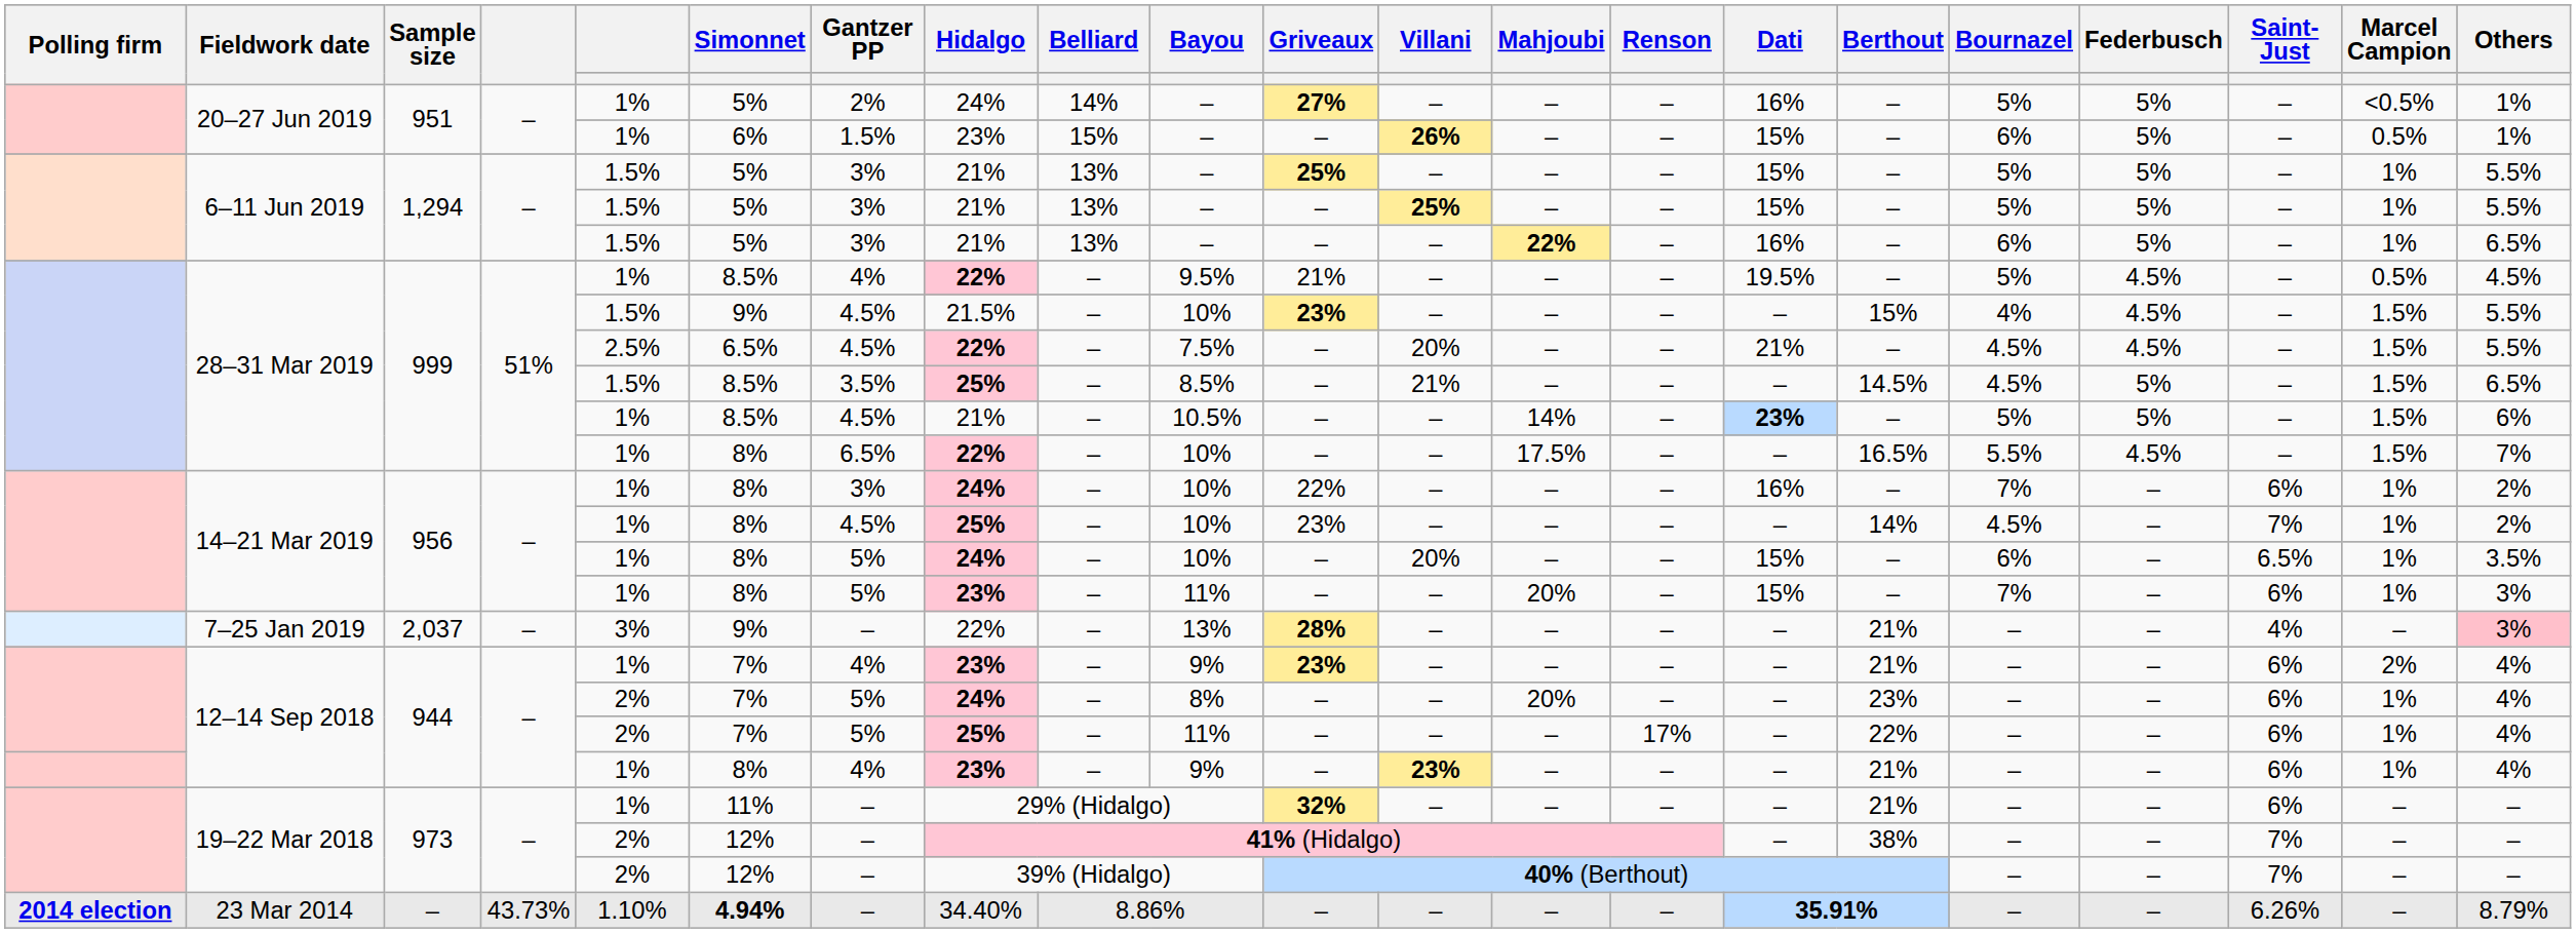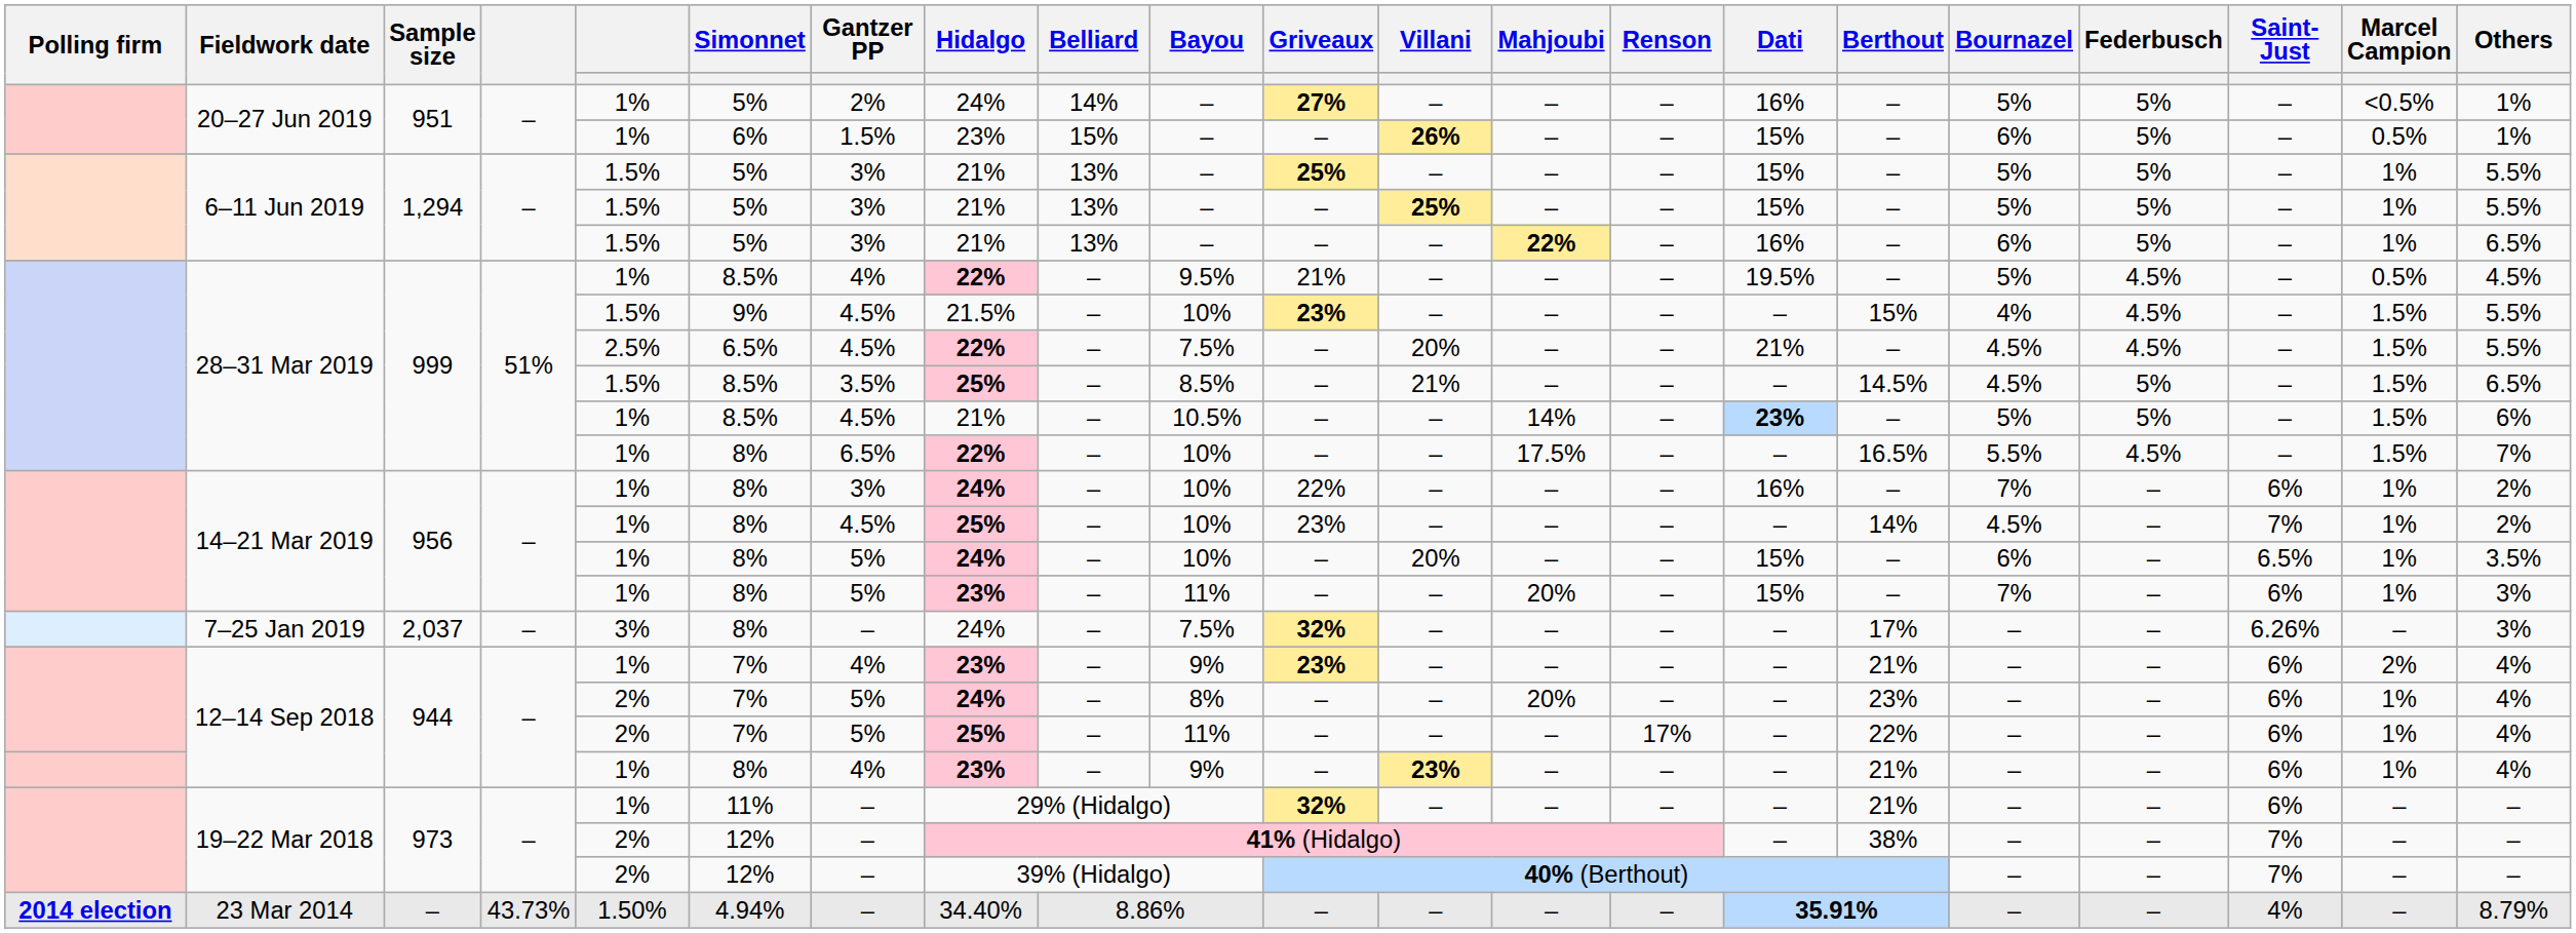 <table class="wikitable sortable" style="text-align:center;font-size:90%;line-height:14px;">
 <tr style="height:40px;">
 <th style="width:100px;" rowspan="2">Polling firm</th>
 <th style="width:110px;" rowspan="2">Fieldwork date</th>
 <th style="width:35px;" rowspan="2">Sample<br>size</th>
 <th style="width:30px;" rowspan="2"></th>
 <th class="unsortable" style="width:60px;"></th>
 <th class="unsortable" style="width:60px;"><a href='#'>Simonnet</a><br></th>
 <th class="unsortable" style="width:60px;">Gantzer<br>PP</th>
 <th class="unsortable" style="width:60px;"><a href='#'>Hidalgo</a><br></th>
 <th class="unsortable" style="width:60px;"><a href='#'>Belliard</a><br></th>
 <th class="unsortable" style="width:60px;"><a href='#'>Bayou</a><br></th>
 <th class="unsortable" style="width:60px;"><a href='#'>Griveaux</a><br></th>
 <th class="unsortable" style="width:60px;"><a href='#'>Villani</a><br></th>
 <th class="unsortable" style="width:60px;"><a href='#'>Mahjoubi</a><br></th>
 <th class="unsortable" style="width:60px;"><a href='#'>Renson</a><br></th>
 <th class="unsortable" style="width:60px;"><a href='#'>Dati</a><br></th>
 <th class="unsortable" style="width:60px;"><a href='#'>Berthout</a><br></th>
 <th class="unsortable" style="width:60px;"><a href='#'>Bournazel</a><br></th>
 <th class="unsortable" style="width:60px;">Federbusch<br></th>
 <th class="unsortable" style="width:60px;"><a href='#'>Saint-Just</a><br></th>
 <th class="unsortable" style="width:60px;">Marcel Campion<br></th>
 <th class="unsortable" style="width:60px;">Others</th>
 </tr>
 <tr>
 <th style="background:"></th>
 <th style="background:"></th>
 <th style="background:"></th>
 <th style="background:"></th>
 <th style="background:"></th>
 <th style="background:"></th>
 <th style="background:"></th>
 <th style="background:"></th>
 <th style="background:"></th>
 <th style="background:"></th>
 <th style="background:"></th>
 <th style="background:"></th>
 <th style="background:"></th>
 <th style="background:"></th>
 <th style="background:"></th>
 <th style="background:"></th>
 <th style="background:"></th>
 </tr>
 <tr>
 <td rowspan="2" style="background:#FFCCCC;"></td>
 <td rowspan="2" data-sort-value="2019-06-27">20–27 Jun 2019</td>
 <td rowspan="2">951</td>
 <td rowspan="2">–</td>
 <td>1%</td>
 <td>5%</td>
 <td>2%</td>
 <td>24%</td>
 <td>14%</td>
 <td>–</td>
 <td style="background:#FFED99;"><strong>27%</strong></td>
 <td>–</td>
 <td>–</td>
 <td>–</td>
 <td>16%</td>
 <td>–</td>
 <td>5%</td>
 <td>5%</td>
 <td>–</td>
 <td data-sort-value="0%"><0.5%</td>
 <td>1%</td>
 </tr>
 <tr>
 <td>1%</td>
 <td>6%</td>
 <td>1.5%</td>
 <td>23%</td>
 <td>15%</td>
 <td>–</td>
 <td>–</td>
 <td style="background:#FFED99;"><strong>26%</strong></td>
 <td>–</td>
 <td>–</td>
 <td>15%</td>
 <td>–</td>
 <td>6%</td>
 <td>5%</td>
 <td>–</td>
 <td>0.5%</td>
 <td>1%</td>
 </tr>
 <tr>
 <td rowspan="3" style="background:#FFDFCC;"> </td>
 <td rowspan="3" data-sort-value="2019-06-11">6–11 Jun 2019</td>
 <td rowspan="3">1,294</td>
 <td rowspan="3">–</td>
 <td>1.5%</td>
 <td>5%</td>
 <td>3%</td>
 <td>21%</td>
 <td>13%</td>
 <td>–</td>
 <td style="background:#FFED99;"><strong>25%</strong></td>
 <td>–</td>
 <td>–</td>
 <td>–</td>
 <td>15%</td>
 <td>–</td>
 <td>5%</td>
 <td>5%</td>
 <td>–</td>
 <td>1%</td>
 <td>5.5%</td>
 </tr>
 <tr>
 <td>1.5%</td>
 <td>5%</td>
 <td>3%</td>
 <td>21%</td>
 <td>13%</td>
 <td>–</td>
 <td>–</td>
 <td style="background:#FFED99;"><strong>25%</strong></td>
 <td>–</td>
 <td>–</td>
 <td>15%</td>
 <td>–</td>
 <td>5%</td>
 <td>5%</td>
 <td>–</td>
 <td>1%</td>
 <td>5.5%</td>
 </tr>
 <tr>
 <td>1.5%</td>
 <td>5%</td>
 <td>3%</td>
 <td>21%</td>
 <td>13%</td>
 <td>–</td>
 <td>–</td>
 <td>–</td>
 <td style="background:#FFED99;"><strong>22%</strong></td>
 <td>–</td>
 <td>16%</td>
 <td>–</td>
 <td>6%</td>
 <td>5%</td>
 <td>–</td>
 <td>1%</td>
 <td>6.5%</td>
 </tr>
 <tr>
 <td rowspan="6" style="background:#CAD5F7;"></td>
 <td rowspan="6" data-sort-value="2019-03-31">28–31 Mar 2019</td>
 <td rowspan="6">999</td>
 <td rowspan="6">51%</td>
 <td>1%</td>
 <td>8.5%</td>
 <td>4%</td>
 <td style="background:#FFC6D5;"><strong>22%</strong></td>
 <td>–</td>
 <td>9.5%</td>
 <td>21%</td>
 <td>–</td>
 <td>–</td>
 <td>–</td>
 <td>19.5%</td>
 <td>–</td>
 <td>5%</td>
 <td>4.5%</td>
 <td>–</td>
 <td>0.5%</td>
 <td>4.5%</td>
 </tr>
 <tr>
 <td>1.5%</td>
 <td>9%</td>
 <td>4.5%</td>
 <td>21.5%</td>
 <td>–</td>
 <td>10%</td>
 <td style="background:#FFED99;"><strong>23%</strong></td>
 <td>–</td>
 <td>–</td>
 <td>–</td>
 <td>–</td>
 <td>15%</td>
 <td>4%</td>
 <td>4.5%</td>
 <td>–</td>
 <td>1.5%</td>
 <td>5.5%</td>
 </tr>
 <tr>
 <td>2.5%</td>
 <td>6.5%</td>
 <td>4.5%</td>
 <td style="background:#FFC6D5;"><strong>22%</strong></td>
 <td>–</td>
 <td>7.5%</td>
 <td>–</td>
 <td>20%</td>
 <td>–</td>
 <td>–</td>
 <td>21%</td>
 <td>–</td>
 <td>4.5%</td>
 <td>4.5%</td>
 <td>–</td>
 <td>1.5%</td>
 <td>5.5%</td>
 </tr>
 <tr>
 <td>1.5%</td>
 <td>8.5%</td>
 <td>3.5%</td>
 <td style="background:#FFC6D5;"><strong>25%</strong></td>
 <td>–</td>
 <td>8.5%</td>
 <td>–</td>
 <td>21%</td>
 <td>–</td>
 <td>–</td>
 <td>–</td>
 <td>14.5%</td>
 <td>4.5%</td>
 <td>5%</td>
 <td>–</td>
 <td>1.5%</td>
 <td>6.5%</td>
 </tr>
 <tr>
 <td>1%</td>
 <td>8.5%</td>
 <td>4.5%</td>
 <td>21%</td>
 <td>–</td>
 <td>10.5%</td>
 <td>–</td>
 <td>–</td>
 <td>14%</td>
 <td>–</td>
 <td style="background:#B9DAFF;"><strong>23%</strong></td>
 <td>–</td>
 <td>5%</td>
 <td>5%</td>
 <td>–</td>
 <td>1.5%</td>
 <td>6%</td>
 </tr>
 <tr>
 <td>1%</td>
 <td>8%</td>
 <td>6.5%</td>
 <td style="background:#FFC6D5;"><strong>22%</strong></td>
 <td>–</td>
 <td>10%</td>
 <td>–</td>
 <td>–</td>
 <td>17.5%</td>
 <td>–</td>
 <td>–</td>
 <td>16.5%</td>
 <td>5.5%</td>
 <td>4.5%</td>
 <td>–</td>
 <td>1.5%</td>
 <td>7%</td>
 </tr>
 <tr>
 <td rowspan="4" style="background:#FFCCCC;"></td>
 <td rowspan="4" data-sort-value="2019-03-21">14–21 Mar 2019</td>
 <td rowspan="4">956</td>
 <td rowspan="4">–</td>
 <td>1%</td>
 <td>8%</td>
 <td>3%</td>
 <td style="background:#FFC6D5;"><strong>24%</strong></td>
 <td>–</td>
 <td>10%</td>
 <td>22%</td>
 <td>–</td>
 <td>–</td>
 <td>–</td>
 <td>16%</td>
 <td>–</td>
 <td>7%</td>
 <td>–</td>
 <td>6%</td>
 <td>1%</td>
 <td>2%</td>
 </tr>
 <tr>
 <td>1%</td>
 <td>8%</td>
 <td>4.5%</td>
 <td style="background:#FFC6D5;"><strong>25%</strong></td>
 <td>–</td>
 <td>10%</td>
 <td>23%</td>
 <td>–</td>
 <td>–</td>
 <td>–</td>
 <td>–</td>
 <td>14%</td>
 <td>4.5%</td>
 <td>–</td>
 <td>7%</td>
 <td>1%</td>
 <td>2%</td>
 </tr>
 <tr>
 <td>1%</td>
 <td>8%</td>
 <td>5%</td>
 <td style="background:#FFC6D5;"><strong>24%</strong></td>
 <td>–</td>
 <td>10%</td>
 <td>–</td>
 <td>20%</td>
 <td>–</td>
 <td>–</td>
 <td>15%</td>
 <td>–</td>
 <td>6%</td>
 <td>–</td>
 <td>6.5%</td>
 <td>1%</td>
 <td>3.5%</td>
 </tr>
 <tr>
 <td>1%</td>
 <td>8%</td>
 <td>5%</td>
 <td style="background:#FFC6D5;"><strong>23%</strong></td>
 <td>–</td>
 <td>11%</td>
 <td>–</td>
 <td>–</td>
 <td>20%</td>
 <td>–</td>
 <td>15%</td>
 <td>–</td>
 <td>7%</td>
 <td>–</td>
 <td>6%</td>
 <td>1%</td>
 <td>3%</td>
 </tr>
 <tr>
 <td style="background:#DDEEFF;"></td>
 <td data-sort-value="2019-01-25">7–25 Jan 2019</td>
 <td>2,037</td>
 <td>–</td>
 <td>3%</td>
-<td>9%</td>
+<td>8%</td>
 <td>–</td>
-<td>22%</td>
+<td>24%</td>
 <td>–</td>
-<td>13%</td>
-<td style="background:#FFED99;"><strong>28%</strong></td>
+<td>7.5%</td>
+<td style="background:#FFED99;"><strong>32%</strong></td>
 <td>–</td>
 <td>–</td>
 <td>–</td>
 <td>–</td>
-<td>21%</td>
+<td>17%</td>
 <td>–</td>
 <td>–</td>
-<td>4%</td>
+<td>6.26%</td>
 <td>–</td>
-<td style="background: pink;">3%</td>
+<td>3%</td>
 </tr>
 <tr>
 <td rowspan="3" style="background:#FFCCCC;"></td>
 <td rowspan="4" data-sort-value="2018-09-14">12–14 Sep 2018</td>
 <td rowspan="4">944</td>
 <td rowspan="4">–</td>
 <td>1%</td>
 <td>7%</td>
 <td>4%</td>
 <td style="background:#FFC6D5;"><strong>23%</strong></td>
 <td>–</td>
 <td>9%</td>
 <td style="background:#FFED99;"><strong>23%</strong></td>
 <td>–</td>
 <td>–</td>
 <td>–</td>
 <td>–</td>
 <td>21%</td>
 <td>–</td>
 <td>–</td>
 <td>6%</td>
 <td>2%</td>
 <td>4%</td>
 </tr>
 <tr>
 <td>2%</td>
 <td>7%</td>
 <td>5%</td>
 <td style="background:#FFC6D5;"><strong>24%</strong></td>
 <td>–</td>
 <td>8%</td>
 <td>–</td>
 <td>–</td>
 <td>20%</td>
 <td>–</td>
 <td>–</td>
 <td>23%</td>
 <td>–</td>
 <td>–</td>
 <td>6%</td>
 <td>1%</td>
 <td>4%</td>
 </tr>
 <tr>
 <td>2%</td>
 <td>7%</td>
 <td>5%</td>
 <td style="background:#FFC6D5;"><strong>25%</strong></td>
 <td>–</td>
 <td>11%</td>
 <td>–</td>
 <td>–</td>
 <td>–</td>
 <td>17%</td>
 <td>–</td>
 <td>22%</td>
 <td>–</td>
 <td>–</td>
 <td>6%</td>
 <td>1%</td>
 <td>4%</td>
 </tr>
 <tr>
 <td style="background:#FFCCCC;"></td>
 <td>1%</td>
 <td>8%</td>
 <td>4%</td>
 <td style="background:#FFC6D5;"><strong>23%</strong></td>
 <td>–</td>
 <td>9%</td>
 <td>–</td>
 <td style="background:#FFED99;"><strong>23%</strong></td>
 <td>–</td>
 <td>–</td>
 <td>–</td>
 <td>21%</td>
 <td>–</td>
 <td>–</td>
 <td>6%</td>
 <td>1%</td>
 <td>4%</td>
 </tr>
 <tr>
 <td rowspan="3" style="background:#FFCCCC;"></td>
 <td rowspan="3" data-sort-value="2018-03-22">19–22 Mar 2018</td>
 <td rowspan="3">973</td>
 <td rowspan="3">–</td>
 <td>1%</td>
 <td>11%</td>
 <td>–</td>
 <td colspan="3">29% (Hidalgo)</td>
 <td style="background:#FFED99;"><strong>32%</strong></td>
 <td>–</td>
 <td>–</td>
 <td>–</td>
 <td>–</td>
 <td>21%</td>
 <td>–</td>
 <td>–</td>
 <td>6%</td>
 <td>–</td>
 <td>–</td>
 </tr>
 <tr>
 <td>2%</td>
 <td>12%</td>
 <td>–</td>
 <td style="background:#FFC6D5;" colspan="7"><strong>41%</strong> (Hidalgo)</td>
 <td>–</td>
 <td>38%</td>
 <td>–</td>
 <td>–</td>
 <td>7%</td>
 <td>–</td>
 <td>–</td>
 </tr>
 <tr>
 <td>2%</td>
 <td>12%</td>
 <td>–</td>
 <td colspan="3">39% (Hidalgo)</td>
 <td style="background:#B9DAFF;" colspan="6"><strong>40%</strong> (Berthout)</td>
 <td>–</td>
 <td>–</td>
 <td>7%</td>
 <td>–</td>
 <td>–</td>
 </tr>
 <tr style="background:#E9E9E9;">
 <td><strong><a href='#'>2014 election</a></strong></td>
 <td data-sort-value="2014-03-23">23 Mar 2014</td>
 <td>–</td>
 <td>43.73%</td>
-<td>1.10%</td>
-<td><strong>4.94%</strong></td>
+<td>1.50%</td>
+<td>4.94%</td>
 <td>–</td>
 <td>34.40%</td>
 <td colspan="2">8.86%</td>
 <td>–</td>
 <td>–</td>
 <td>–</td>
 <td>–</td>
 <td style="background:#B9DAFF;" colspan="2"><strong>35.91%</strong></td>
 <td>–</td>
 <td>–</td>
-<td>6.26%</td>
+<td>4%</td>
 <td>–</td>
 <td>8.79%</td>
 </tr>
 </table>
